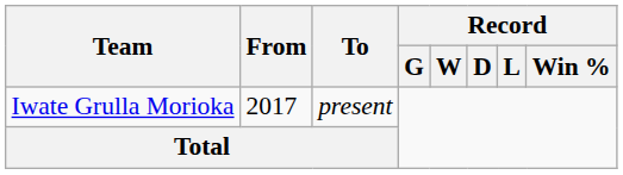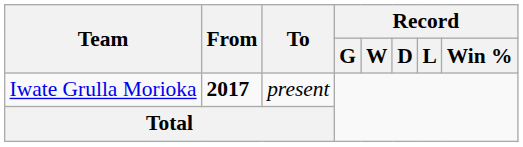 <table class="wikitable" style="text-align: center">
 <tr>
 <th rowspan="2">Team</th>
 <th rowspan="2">From</th>
 <th rowspan="2">To</th>
 <th colspan="5">Record</th>
 </tr>
 <tr>
 <th>G</th>
 <th>W</th>
 <th>D</th>
 <th>L</th>
 <th>Win %</th>
 </tr>
 <tr>
 <td align="left"><a href='#'>Iwate Grulla Morioka</a></td>
-<td align="left">2017</td>
+<td align="left"><strong>2017</strong></td>
 <td align="left"><em>present</em><br></td>
 </tr>
 <tr>
 <th colspan="3">Total<br></th>
 </tr>
 </table>
